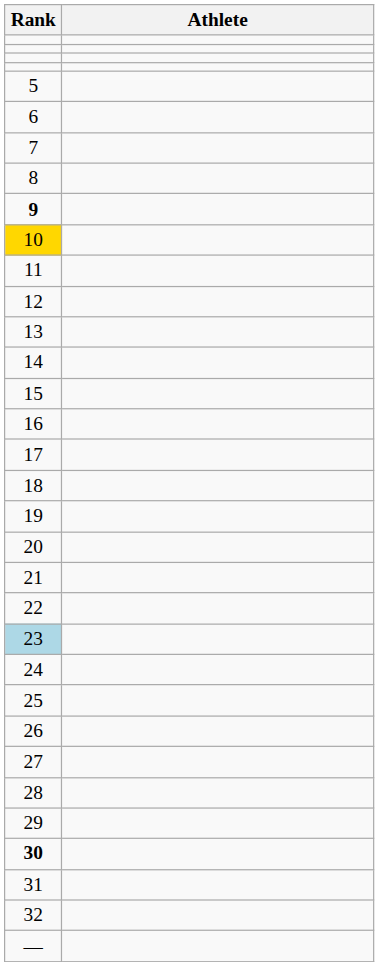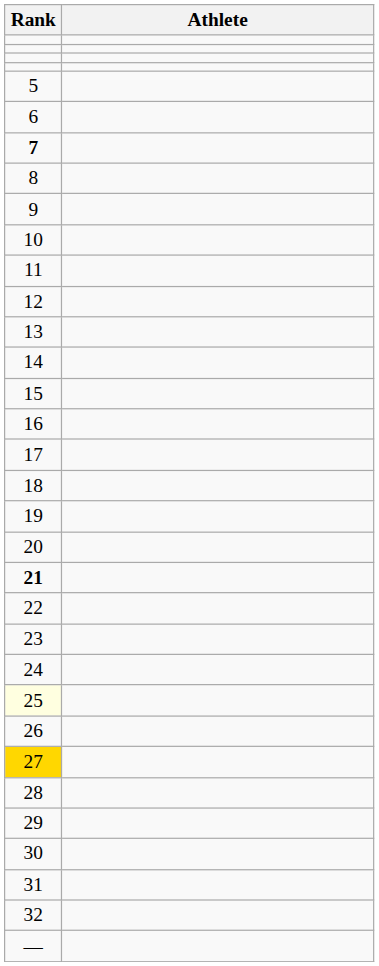 <table class="wikitable" style="text-align: center;">
 <tr>
 <th width=40>Rank</th>
 <th width=250>Athlete</th>
 </tr>
 <tr>
 <td></td>
 <td align=left></td>
 </tr>
 <tr>
 <td></td>
 <td align=left></td>
 </tr>
 <tr>
 <td></td>
 <td align=left></td>
 </tr>
 <tr>
 <td></td>
 <td align=left></td>
 </tr>
 <tr>
 <td>5</td>
 <td align=left></td>
 </tr>
 <tr>
 <td>6</td>
 <td align=left></td>
 </tr>
 <tr>
-<td>7</td>
+<td><strong>7</strong></td>
 <td align=left></td>
 </tr>
 <tr>
 <td>8</td>
 <td align=left></td>
 </tr>
 <tr>
-<td><strong>9</strong></td>
+<td>9</td>
 <td align=left></td>
 </tr>
 <tr>
-<td style="background: gold;">10</td>
+<td>10</td>
 <td align=left></td>
 </tr>
 <tr>
 <td>11</td>
 <td align=left></td>
 </tr>
 <tr>
 <td>12</td>
 <td align=left></td>
 </tr>
 <tr>
 <td>13</td>
 <td align=left></td>
 </tr>
 <tr>
 <td>14</td>
 <td align=left></td>
 </tr>
 <tr>
 <td>15</td>
 <td align=left></td>
 </tr>
 <tr>
 <td>16</td>
 <td align=left></td>
 </tr>
 <tr>
 <td>17</td>
 <td align=left></td>
 </tr>
 <tr>
 <td>18</td>
 <td align=left></td>
 </tr>
 <tr>
 <td>19</td>
 <td align=left></td>
 </tr>
 <tr>
 <td>20</td>
 <td align=left></td>
 </tr>
 <tr>
-<td>21</td>
+<td><strong>21</strong></td>
 <td align=left></td>
 </tr>
 <tr>
 <td>22</td>
 <td align=left></td>
 </tr>
 <tr>
-<td style="background: lightblue;">23</td>
+<td>23</td>
 <td align=left></td>
 </tr>
 <tr>
 <td>24</td>
 <td align=left></td>
 </tr>
 <tr>
-<td>25</td>
+<td style="background: lightyellow;">25</td>
 <td align=left></td>
 </tr>
 <tr>
 <td>26</td>
 <td align=left></td>
 </tr>
 <tr>
-<td>27</td>
+<td style="background: gold;">27</td>
 <td align=left></td>
 </tr>
 <tr>
 <td>28</td>
 <td align=left></td>
 </tr>
 <tr>
 <td>29</td>
 <td align=left></td>
 </tr>
 <tr>
-<td><strong>30</strong></td>
+<td>30</td>
 <td align=left></td>
 </tr>
 <tr>
 <td>31</td>
 <td align=left></td>
 </tr>
 <tr>
 <td>32</td>
 <td align=left></td>
 </tr>
 <tr>
 <td>—</td>
 <td align=left></td>
 </tr>
 </table>
